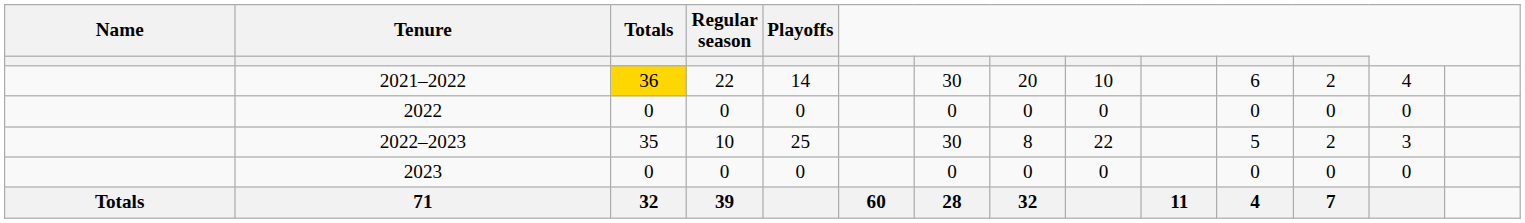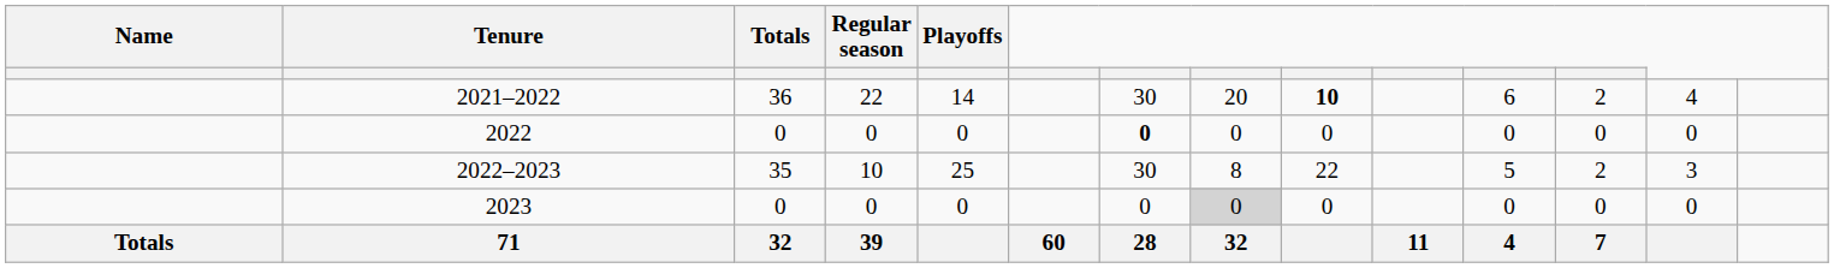 <table class="wikitable sortable" style="clear:both; margin:1.5em auto; text-align:center;">
 <tr>
 <th>Name</th>
 <th>Tenure</th>
 <th>Totals</th>
 <th>Regular season</th>
 <th>Playoffs</th>
 </tr>
 <tr>
 <th></th>
 <th></th>
 <th></th>
 <th></th>
 <th></th>
 <th></th>
 <th></th>
 <th></th>
 <th></th>
 <th></th>
 <th></th>
 <th></th>
 </tr>
 <tr>
 <td> </td>
 <td>2021–2022</td>
-<td style="background: gold; width:5%;">36</td>
+<td style="width:5%;">36</td>
 <td style="width:5%;">22</td>
 <td style="width:5%;">14</td>
 <td style="width:5%;"></td>
 <td style="width:5%;">30</td>
 <td style="width:5%;">20</td>
-<td style="width:5%;">10</td>
+<td style="width:5%;"><strong>10</strong></td>
 <td style="width:5%;"></td>
 <td style="width:5%;">6</td>
 <td style="width:5%;">2</td>
 <td style="width:5%;">4</td>
 <td style="width:5%;"></td>
 </tr>
 <tr>
 <td> </td>
 <td>2022</td>
 <td style="width:5%;">0</td>
 <td style="width:5%;">0</td>
 <td style="width:5%;">0</td>
 <td style="width:5%;"></td>
-<td style="width:5%;">0</td>
+<td style="width:5%;"><strong>0</strong></td>
 <td style="width:5%;">0</td>
 <td style="width:5%;">0</td>
 <td style="width:5%;"></td>
 <td style="width:5%;">0</td>
 <td style="width:5%;">0</td>
 <td style="width:5%;">0</td>
 <td style="width:5%;"></td>
 </tr>
 <tr>
 <td> </td>
 <td>2022–2023</td>
 <td style="width:5%;">35</td>
 <td style="width:5%;">10</td>
 <td style="width:5%;">25</td>
 <td style="width:5%;"></td>
 <td style="width:5%;">30</td>
 <td style="width:5%;">8</td>
 <td style="width:5%;">22</td>
 <td style="width:5%;"></td>
 <td style="width:5%;">5</td>
 <td style="width:5%;">2</td>
 <td style="width:5%;">3</td>
 <td style="width:5%;"></td>
 </tr>
 <tr>
 <td> </td>
 <td>2023</td>
 <td style="width:5%;">0</td>
 <td style="width:5%;">0</td>
 <td style="width:5%;">0</td>
 <td style="width:5%;"></td>
 <td style="width:5%;">0</td>
-<td style="width:5%;">0</td>
+<td style="background: lightgrey; width:5%;">0</td>
 <td style="width:5%;">0</td>
 <td style="width:5%;"></td>
 <td style="width:5%;">0</td>
 <td style="width:5%;">0</td>
 <td style="width:5%;">0</td>
 <td style="width:5%;"></td>
 </tr>
 <tr>
 <th>Totals</th>
 <th>71</th>
 <th>32</th>
 <th>39</th>
 <th></th>
 <th>60</th>
 <th>28</th>
 <th>32</th>
 <th></th>
 <th>11</th>
 <th>4</th>
 <th>7</th>
 <th></th>
 </tr>
 </table>
